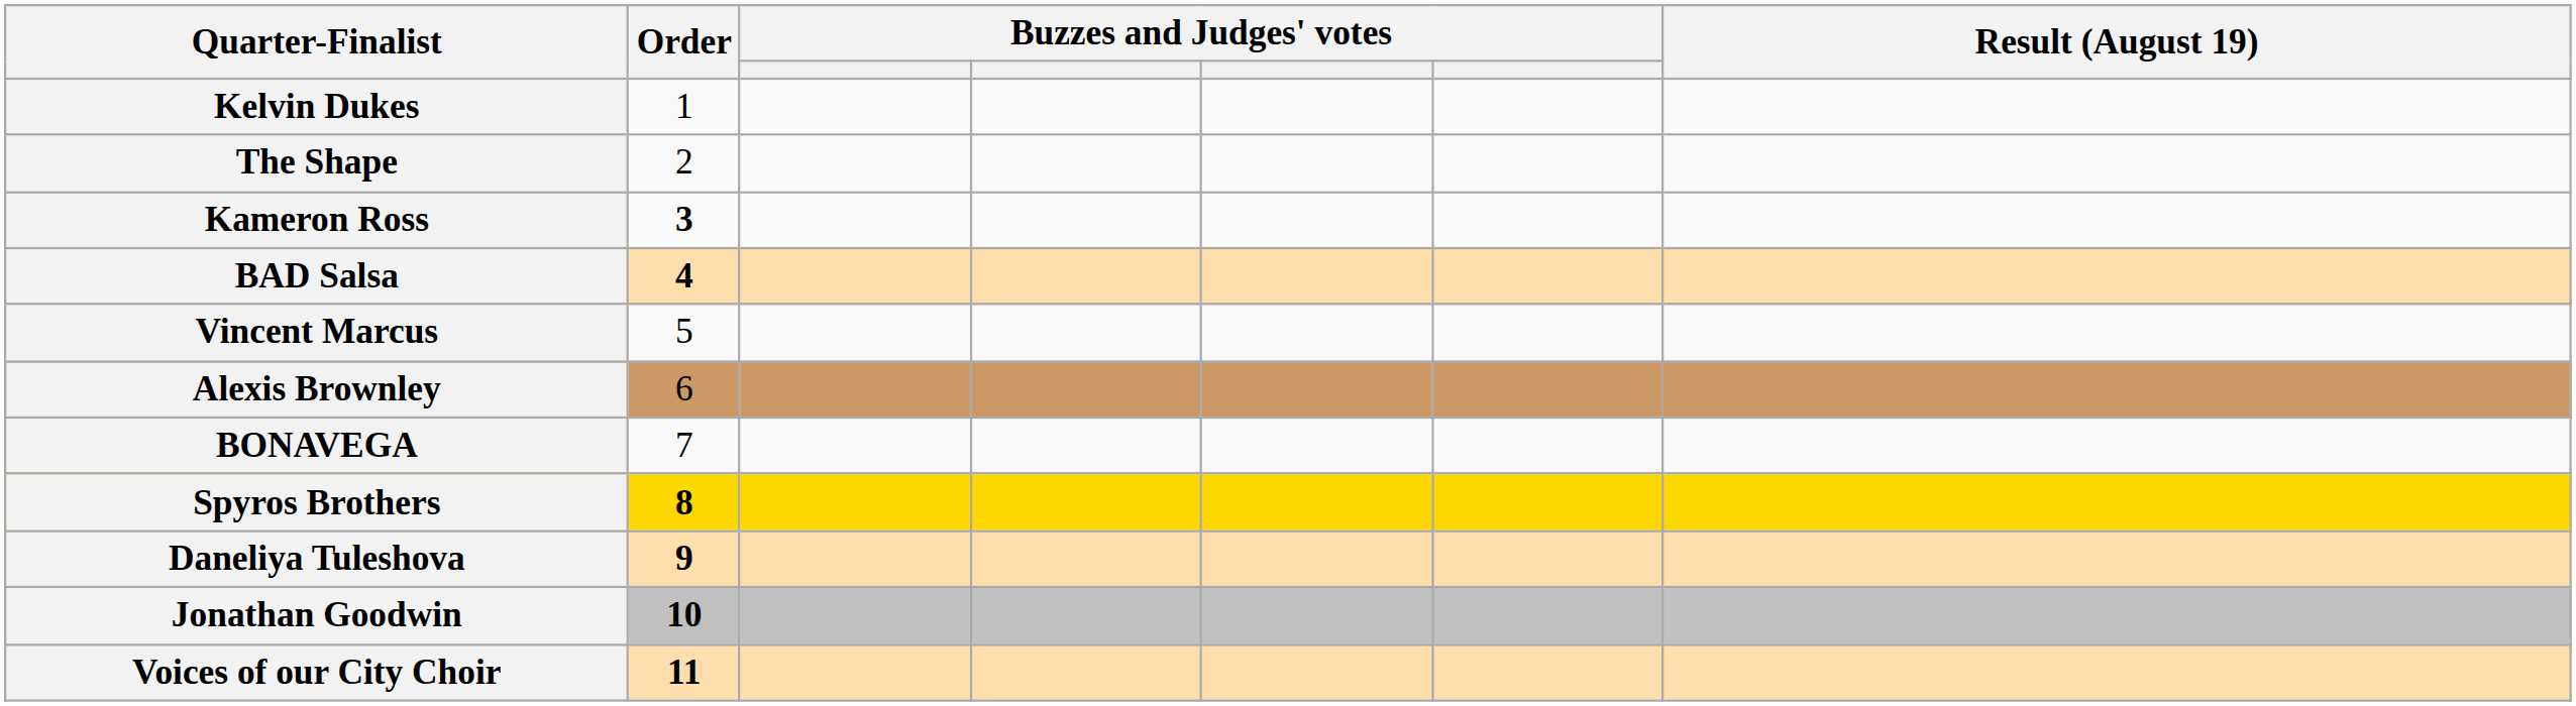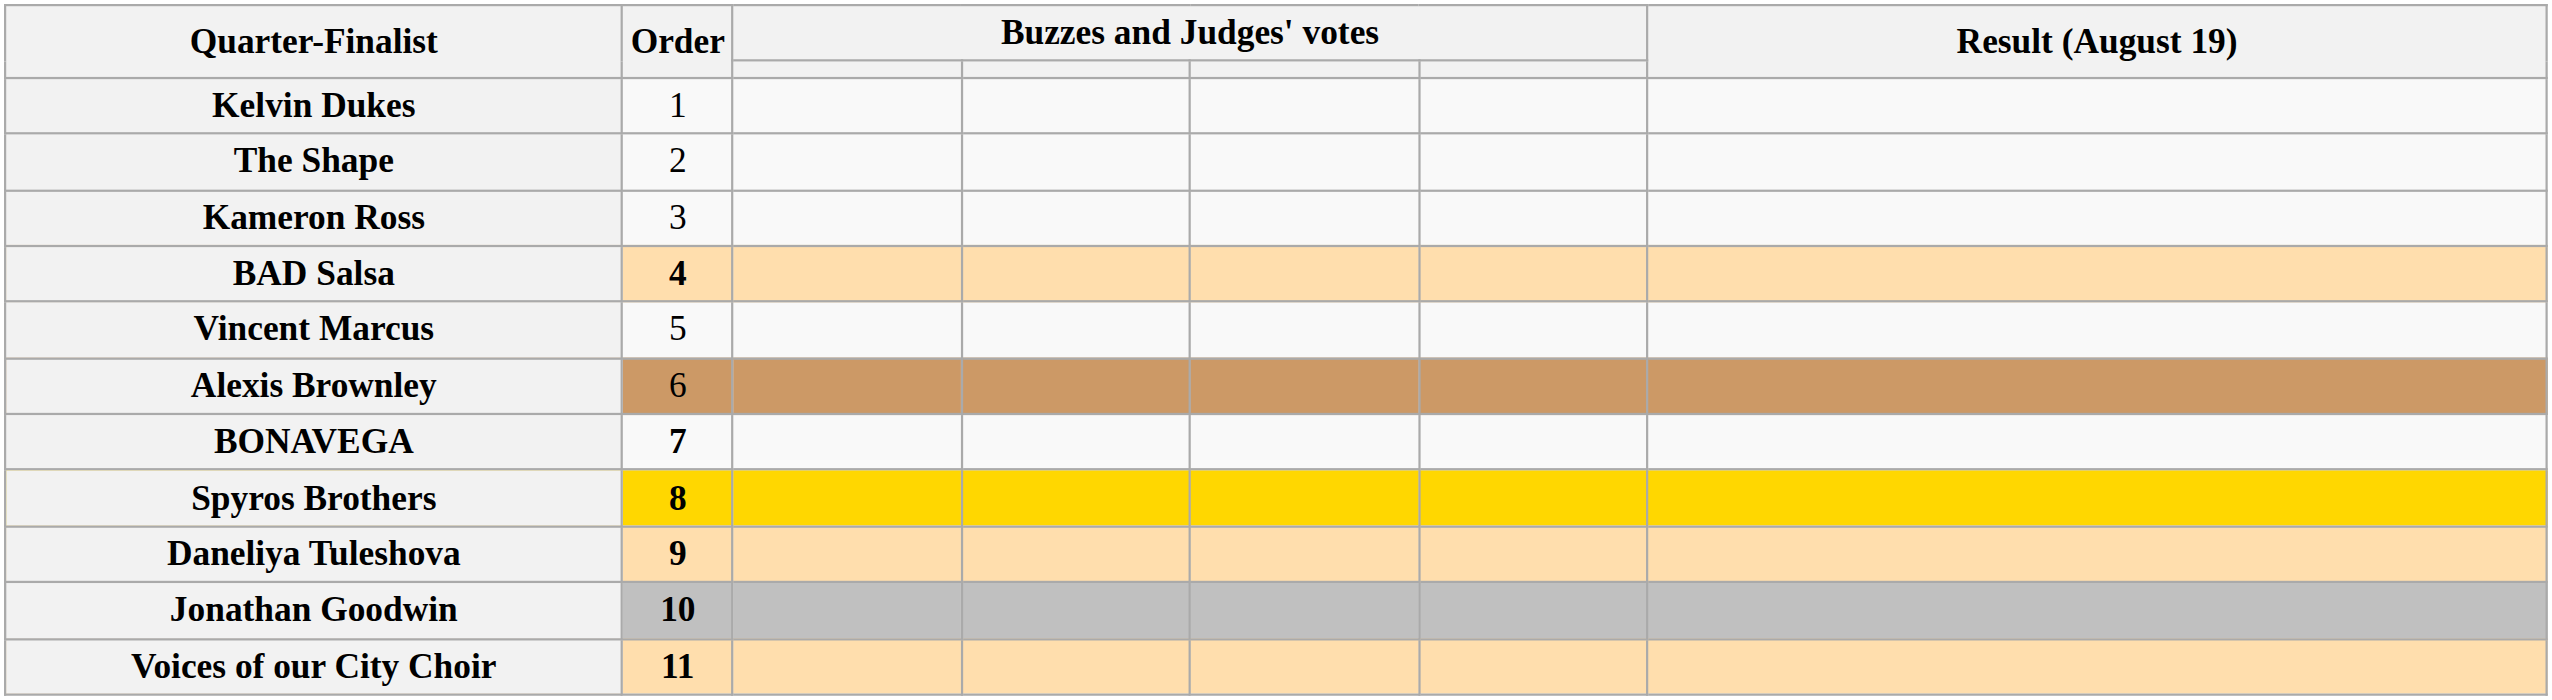 <table class="wikitable plainrowheaders sortable" style="text-align:center;">
 <tr>
 <th scope="col" rowspan="2" class="unsortable" style="width:17em;">Quarter-Finalist</th>
 <th scope="col" rowspan="2" style="width:1em;">Order</th>
 <th scope="col" colspan="4" class="unsortable" style="width:24em;">Buzzes and Judges' votes</th>
 <th scope="col" rowspan="2" style="width:25em;">Result (August 19)</th>
 </tr>
 <tr>
 <th scope="col" class="unsortable" style="width:6em;"></th>
 <th scope="col" class="unsortable" style="width:6em;"></th>
 <th scope="col" class="unsortable" style="width:6em;"></th>
 <th scope="col" class="unsortable" style="width:6em;"></th>
 </tr>
 <tr>
 <th scope="row">Kelvin Dukes</th>
 <td>1</td>
 <td style="text-align:center;"></td>
 <td style="text-align:center;"></td>
 <td style="text-align:center;"></td>
 <td style="text-align:center;"></td>
 <td></td>
 </tr>
 <tr>
 <th scope="row">The Shape</th>
 <td>2</td>
 <td style="text-align:center;"></td>
 <td style="text-align:center;"></td>
 <td style="text-align:center;"></td>
 <td style="text-align:center;"></td>
 <td></td>
 </tr>
 <tr>
 <th scope="row">Kameron Ross</th>
-<td><strong>3</strong></td>
+<td>3</td>
 <td style="text-align:center;"></td>
 <td style="text-align:center;"></td>
 <td style="text-align:center;"></td>
 <td style="text-align:center;"></td>
 <td></td>
 </tr>
 <tr style="background:NavajoWhite">
 <th scope="row"><strong>BAD Salsa</strong></th>
 <td><strong>4</strong></td>
 <td style="text-align:center;"></td>
 <td style="text-align:center;"></td>
 <td style="text-align:center;"></td>
 <td style="text-align:center;"></td>
 <td><strong></strong></td>
 </tr>
 <tr>
 <th scope="row">Vincent Marcus</th>
 <td>5</td>
 <td style="text-align:center;"></td>
 <td style="text-align:center;"></td>
 <td style="text-align:center;"></td>
 <td style="text-align:center;"></td>
 <td></td>
 </tr>
 <tr style="background:#c96">
 <th scope="row">Alexis Brownley</th>
 <td>6</td>
 <td style="text-align:center;"></td>
 <td style="text-align:center;"></td>
 <td style="text-align:center;"></td>
 <td style="text-align:center;"></td>
 <td></td>
 </tr>
 <tr>
 <th scope="row">BONAVEGA</th>
-<td>7</td>
+<td><strong>7</strong></td>
 <td style="text-align:center;"></td>
 <td style="text-align:center;"></td>
 <td style="text-align:center;"></td>
 <td style="text-align:center;"></td>
 <td></td>
 </tr>
 <tr style="background:gold">
 <th scope="row"><strong>Spyros Brothers</strong></th>
 <td><strong>8</strong></td>
 <td style="text-align:center;"></td>
 <td style="text-align:center;"></td>
 <td style="text-align:center;"></td>
 <td style="text-align:center;"></td>
 <td><strong></strong></td>
 </tr>
 <tr style="background:NavajoWhite">
 <th scope="row"><strong>Daneliya Tuleshova</strong></th>
 <td><strong>9</strong></td>
 <td style="text-align:center;"></td>
 <td style="text-align:center;"></td>
 <td style="text-align:center;"></td>
 <td style="text-align:center;"></td>
 <td><strong></strong></td>
 </tr>
 <tr style="background:silver">
 <th scope="row"><strong>Jonathan Goodwin</strong></th>
 <td><strong>10</strong></td>
 <td style="text-align:center;"></td>
 <td style="text-align:center;"></td>
 <td style="text-align:center;"></td>
 <td style="text-align:center;"></td>
 <td><strong></strong></td>
 </tr>
 <tr style="background:NavajoWhite">
 <th scope="row"><strong>Voices of our City Choir</strong></th>
 <td><strong>11</strong></td>
 <td style="text-align:center;"></td>
 <td style="text-align:center;"></td>
 <td style="text-align:center;"></td>
 <td style="text-align:center;"></td>
 <td><strong></strong></td>
 </tr>
 </table>
